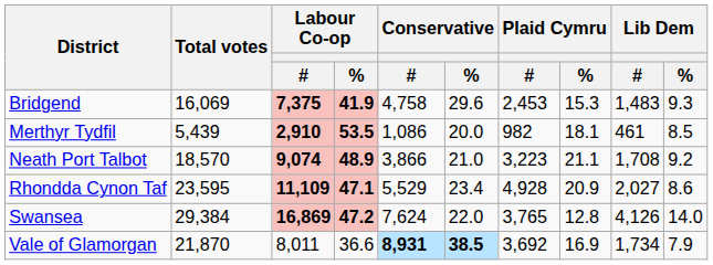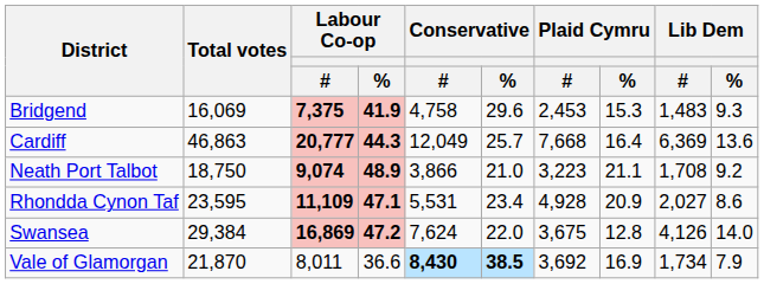 <table class="wikitable sortable">
 <tr>
 <th rowspan=3>District</th>
 <th rowspan=3>Total votes</th>
 <th colspan="2">Labour<br>Co-op</th>
 <th colspan="2">Conservative</th>
 <th colspan="2">Plaid Cymru</th>
 <th colspan="2">Lib Dem</th>
 </tr>
 <tr>
 <th colspan="2" style="background:"></th>
 <th colspan="2" style="background:"></th>
 <th colspan="2" style="background:"></th>
 <th colspan="2" style="background:"></th>
 </tr>
 <tr>
 <th>#</th>
 <th>%</th>
 <th>#</th>
 <th>%</th>
 <th>#</th>
 <th>%</th>
 <th>#</th>
 <th>%</th>
 </tr>
 <tr>
 <td><a href='#'>Bridgend</a></td>
 <td>16,069</td>
 <td style="background:#F8C1BE;"><strong>7,375</strong></td>
 <td style="background:#F8C1BE;"><strong>41.9</strong></td>
 <td>4,758</td>
 <td>29.6</td>
 <td>2,453</td>
 <td>15.3</td>
 <td>1,483</td>
 <td>9.3</td>
 </tr>
 <tr>
-<td><a href='#'>Merthyr Tydfil</a></td>
-<td>5,439</td>
-<td style="background:#F8C1BE;"><strong>2,910</strong></td>
-<td style="background:#F8C1BE;"><strong>53.5</strong></td>
-<td>1,086</td>
-<td>20.0</td>
-<td>982</td>
-<td>18.1</td>
-<td>461</td>
-<td>8.5</td>
+<td><a href='#'>Cardiff</a></td>
+<td>46,863</td>
+<td style="background:#F8C1BE;"><strong>20,777</strong></td>
+<td style="background:#F8C1BE;"><strong>44.3</strong></td>
+<td>12,049</td>
+<td>25.7</td>
+<td>7,668</td>
+<td>16.4</td>
+<td>6,369</td>
+<td>13.6</td>
 </tr>
 <tr>
 <td><a href='#'>Neath Port Talbot</a></td>
-<td>18,570</td>
+<td>18,750</td>
 <td style="background:#F8C1BE;"><strong>9,074</strong></td>
 <td style="background:#F8C1BE;"><strong>48.9</strong></td>
 <td>3,866</td>
 <td>21.0</td>
 <td>3,223</td>
 <td>21.1</td>
 <td>1,708</td>
 <td>9.2</td>
 </tr>
 <tr>
 <td><a href='#'>Rhondda Cynon Taf</a></td>
 <td>23,595</td>
 <td style="background:#F8C1BE;"><strong>11,109</strong></td>
 <td style="background:#F8C1BE;"><strong>47.1</strong></td>
-<td>5,529</td>
+<td>5,531</td>
 <td>23.4</td>
 <td>4,928</td>
 <td>20.9</td>
 <td>2,027</td>
 <td>8.6</td>
 </tr>
 <tr>
 <td><a href='#'>Swansea</a></td>
 <td>29,384</td>
 <td style="background:#F8C1BE;"><strong>16,869</strong></td>
 <td style="background:#F8C1BE;"><strong>47.2</strong></td>
 <td>7,624</td>
 <td>22.0</td>
-<td>3,765</td>
+<td>3,675</td>
 <td>12.8</td>
 <td>4,126</td>
 <td>14.0</td>
 </tr>
 <tr>
 <td><a href='#'>Vale of Glamorgan</a></td>
 <td>21,870</td>
 <td>8,011</td>
 <td>36.6</td>
-<td style="background:#B9E4FF;"><strong>8,931</strong></td>
+<td style="background:#B9E4FF;"><strong>8,430</strong></td>
 <td style="background:#B9E4FF;"><strong>38.5</strong></td>
 <td>3,692</td>
 <td>16.9</td>
 <td>1,734</td>
 <td>7.9</td>
 </tr>
 </table>
